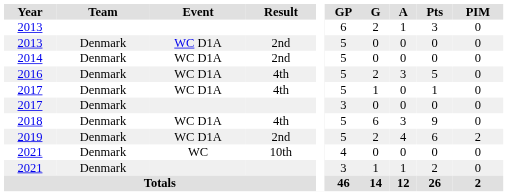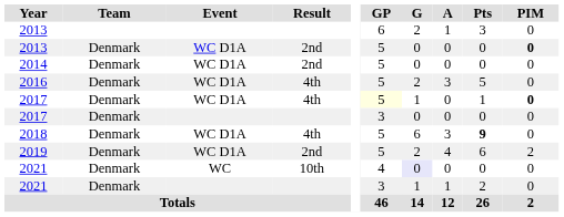 <table border="0" cellpadding="1" cellspacing="0" style="text-align:center; width:40em">
 <tr bgcolor="#e0e0e0">
 <th>Year</th>
 <th>Team</th>
 <th>Event</th>
 <th>Result</th>
 <th rowspan="93" bgcolor="#ffffff"> </th>
 <th>GP</th>
 <th>G</th>
 <th>A</th>
 <th>Pts</th>
 <th>PIM</th>
 </tr>
 <tr>
 <td><a href='#'>2013</a></td>
 <td></td>
 <td></td>
 <td></td>
 <td>6</td>
 <td>2</td>
 <td>1</td>
 <td>3</td>
 <td>0</td>
 </tr>
 <tr bgcolor="#f0f0f0">
 <td><a href='#'>2013</a></td>
 <td>Denmark</td>
 <td><a href='#'>WC</a> D1A</td>
 <td>2nd</td>
 <td>5</td>
 <td>0</td>
 <td>0</td>
 <td>0</td>
-<td>0</td>
+<td><strong>0</strong></td>
 </tr>
 <tr>
 <td><a href='#'>2014</a></td>
 <td>Denmark</td>
 <td>WC D1A</td>
 <td>2nd</td>
 <td>5</td>
 <td>0</td>
 <td>0</td>
 <td>0</td>
 <td>0</td>
 </tr>
 <tr bgcolor="#f0f0f0">
 <td><a href='#'>2016</a></td>
 <td>Denmark</td>
 <td>WC D1A</td>
 <td>4th</td>
 <td>5</td>
 <td>2</td>
 <td>3</td>
 <td>5</td>
 <td>0</td>
 </tr>
 <tr>
 <td><a href='#'>2017</a></td>
 <td>Denmark</td>
 <td>WC D1A</td>
 <td>4th</td>
-<td>5</td>
+<td style="background: lightyellow;">5</td>
 <td>1</td>
 <td>0</td>
 <td>1</td>
-<td>0</td>
+<td><strong>0</strong></td>
 </tr>
 <tr bgcolor="#f0f0f0">
 <td><a href='#'>2017</a></td>
 <td>Denmark</td>
 <td></td>
 <td></td>
 <td>3</td>
 <td>0</td>
 <td>0</td>
 <td>0</td>
 <td>0</td>
 </tr>
 <tr>
 <td><a href='#'>2018</a></td>
 <td>Denmark</td>
 <td>WC D1A</td>
 <td>4th</td>
 <td>5</td>
 <td>6</td>
 <td>3</td>
-<td>9</td>
+<td><strong>9</strong></td>
 <td>0</td>
 </tr>
 <tr bgcolor="#f0f0f0">
 <td><a href='#'>2019</a></td>
 <td>Denmark</td>
 <td>WC D1A</td>
 <td>2nd</td>
 <td>5</td>
 <td>2</td>
 <td>4</td>
 <td>6</td>
 <td>2</td>
 </tr>
 <tr>
 <td><a href='#'>2021</a></td>
 <td>Denmark</td>
 <td>WC</td>
 <td>10th</td>
 <td>4</td>
-<td>0</td>
+<td style="background: lavender;">0</td>
 <td>0</td>
 <td>0</td>
 <td>0</td>
 </tr>
 <tr bgcolor="#f0f0f0">
 <td><a href='#'>2021</a></td>
 <td>Denmark</td>
 <td></td>
 <td></td>
 <td>3</td>
 <td>1</td>
 <td>1</td>
 <td>2</td>
 <td>0</td>
 </tr>
 <tr align="centre" bgcolor="#e0e0e0">
 <th colspan="4">Totals</th>
 <th>46</th>
 <th>14</th>
 <th>12</th>
 <th>26</th>
 <th>2</th>
 </tr>
 </table>
